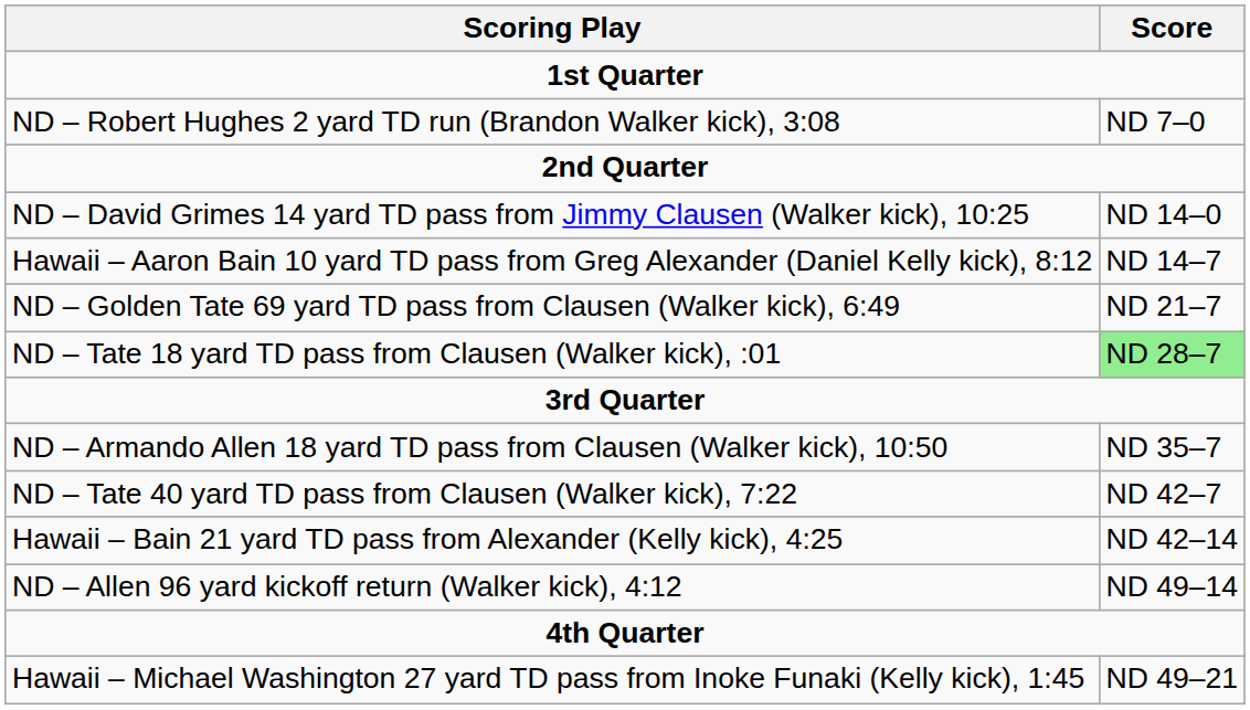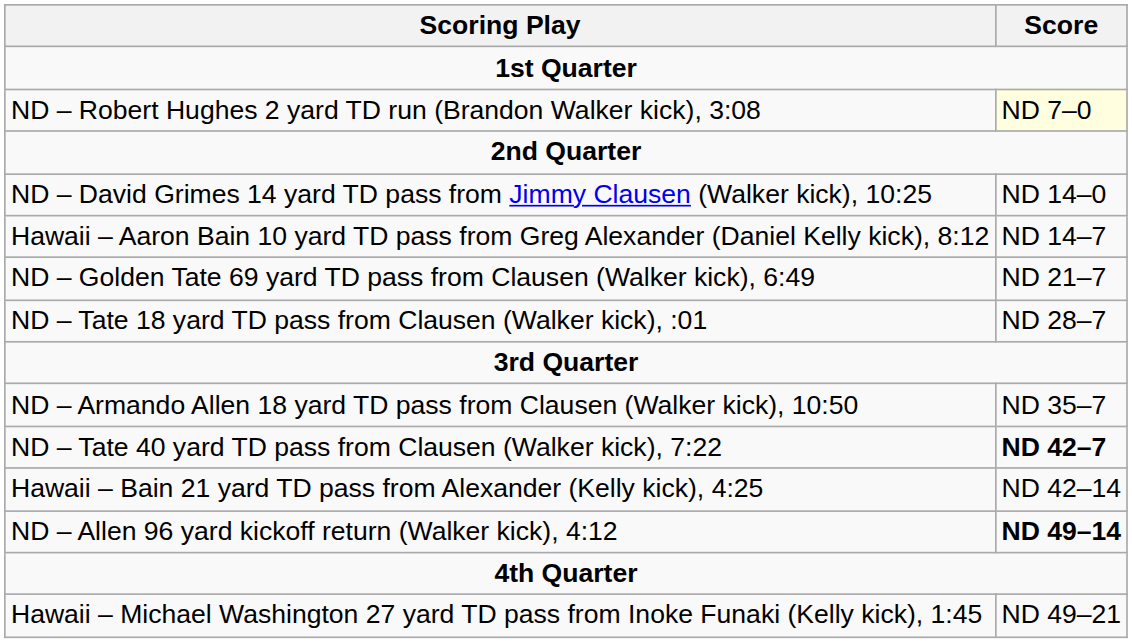 <table class="wikitable">
 <tr>
 <th>Scoring Play</th>
 <th>Score</th>
 </tr>
 <tr>
 <td colspan="4" align="center"><strong>1st Quarter</strong></td>
 </tr>
 <tr>
 <td>ND – Robert Hughes 2 yard TD run (Brandon Walker kick), 3:08</td>
-<td>ND 7–0</td>
+<td style="background: lightyellow;">ND 7–0</td>
 </tr>
 <tr>
 <td colspan="4" align="center"><strong>2nd Quarter</strong></td>
 </tr>
 <tr>
 <td>ND – David Grimes 14 yard TD pass from <a href='#'>Jimmy Clausen</a> (Walker kick), 10:25</td>
 <td>ND 14–0</td>
 </tr>
 <tr>
 <td>Hawaii – Aaron Bain 10 yard TD pass from Greg Alexander (Daniel Kelly kick), 8:12</td>
 <td>ND 14–7</td>
 </tr>
 <tr>
 <td>ND – Golden Tate 69 yard TD pass from Clausen (Walker kick), 6:49</td>
 <td>ND 21–7</td>
 </tr>
 <tr>
 <td>ND – Tate 18 yard TD pass from Clausen (Walker kick), :01</td>
-<td style="background: lightgreen;">ND 28–7</td>
+<td>ND 28–7</td>
 </tr>
 <tr>
 <td colspan="4" align="center"><strong>3rd Quarter</strong></td>
 </tr>
 <tr>
 <td>ND – Armando Allen 18 yard TD pass from Clausen (Walker kick), 10:50</td>
 <td>ND 35–7</td>
 </tr>
 <tr>
 <td>ND – Tate 40 yard TD pass from Clausen (Walker kick), 7:22</td>
-<td>ND 42–7</td>
+<td><strong>ND 42–7</strong></td>
 </tr>
 <tr>
 <td>Hawaii – Bain 21 yard TD pass from Alexander (Kelly kick), 4:25</td>
 <td>ND 42–14</td>
 </tr>
 <tr>
 <td>ND – Allen 96 yard kickoff return (Walker kick), 4:12</td>
-<td>ND 49–14</td>
+<td><strong>ND 49–14</strong></td>
 </tr>
 <tr>
 <td colspan="4" align="center"><strong>4th Quarter</strong></td>
 </tr>
 <tr>
 <td>Hawaii – Michael Washington 27 yard TD pass from Inoke Funaki (Kelly kick), 1:45</td>
 <td>ND 49–21</td>
 </tr>
 </table>
